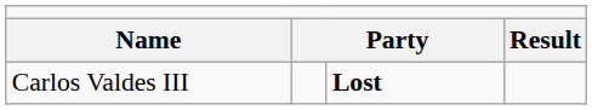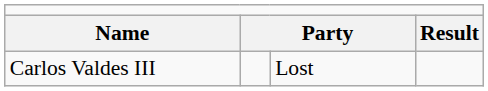 <table class=wikitable style="font-size:90%">
 <tr>
 <td colspan=4 bgcolor=></td>
 </tr>
 <tr>
 <th width=150px>Name</th>
 <th colspan=2 width=110px>Party</th>
 <th>Result</th>
 </tr>
 <tr>
 <td>Carlos Valdes III</td>
 <td></td>
-<td><strong>Lost</strong></td>
+<td>Lost</td>
 </tr>
 </table>
